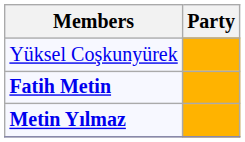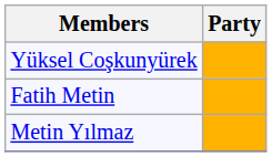 <table class=wikitable style="border:1px solid #8888aa; background-color:#f7f8ff; padding:0px; font-size:90%;">
 <tr>
 <th>Members</th>
 <th colspan="2">Party</th>
 </tr>
 <tr>
 <td><a href='#'>Yüksel Coşkunyürek</a></td>
 <td style="background: #ffb300"></td>
 </tr>
 <tr>
-<td><strong><a href='#'>Fatih Metin</a></strong></td>
+<td><a href='#'>Fatih Metin</a></td>
 <td style="background: #ffb300"></td>
 </tr>
 <tr>
-<td><strong><a href='#'>Metin Yılmaz</a></strong></td>
+<td><a href='#'>Metin Yılmaz</a></td>
 <td style="background: #ffb300"></td>
 </tr>
 <tr>
 </tr>
 </table>
